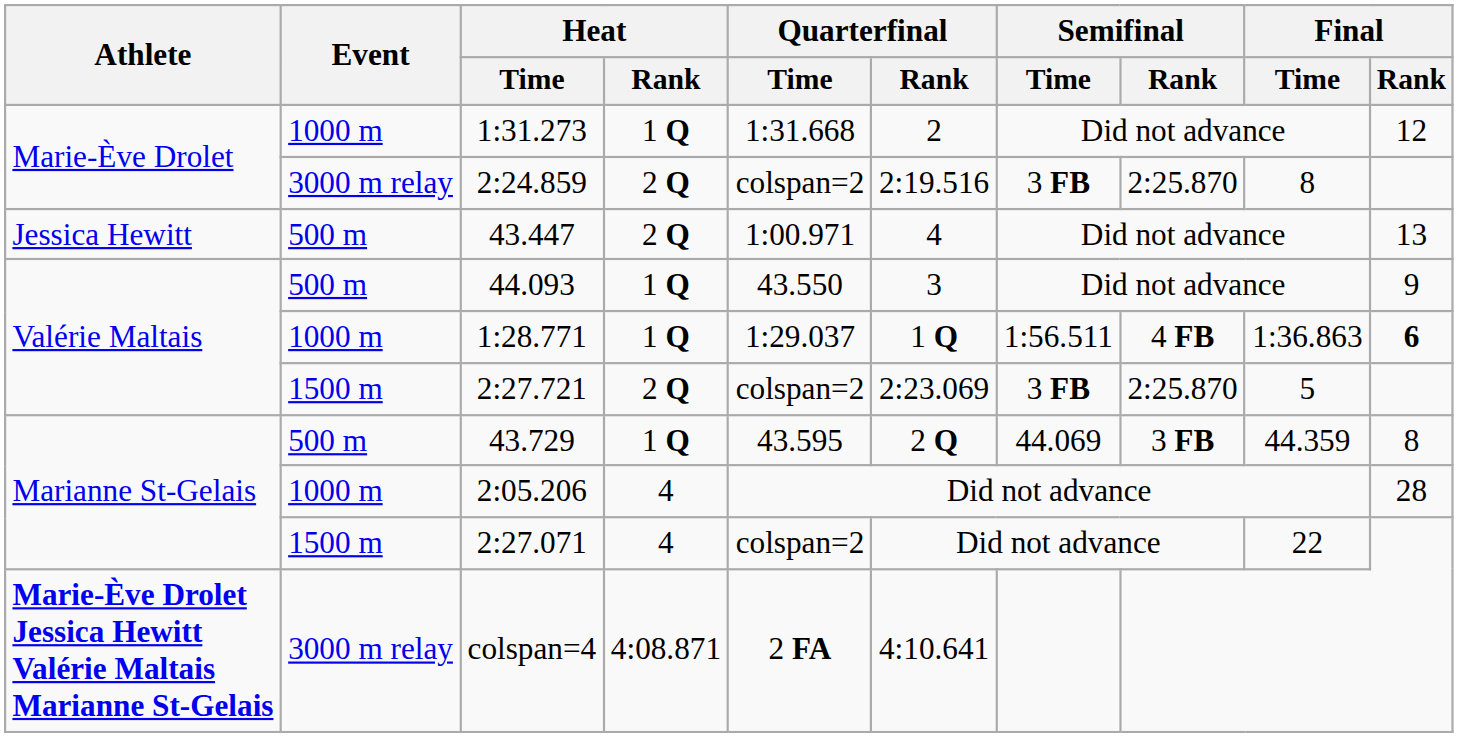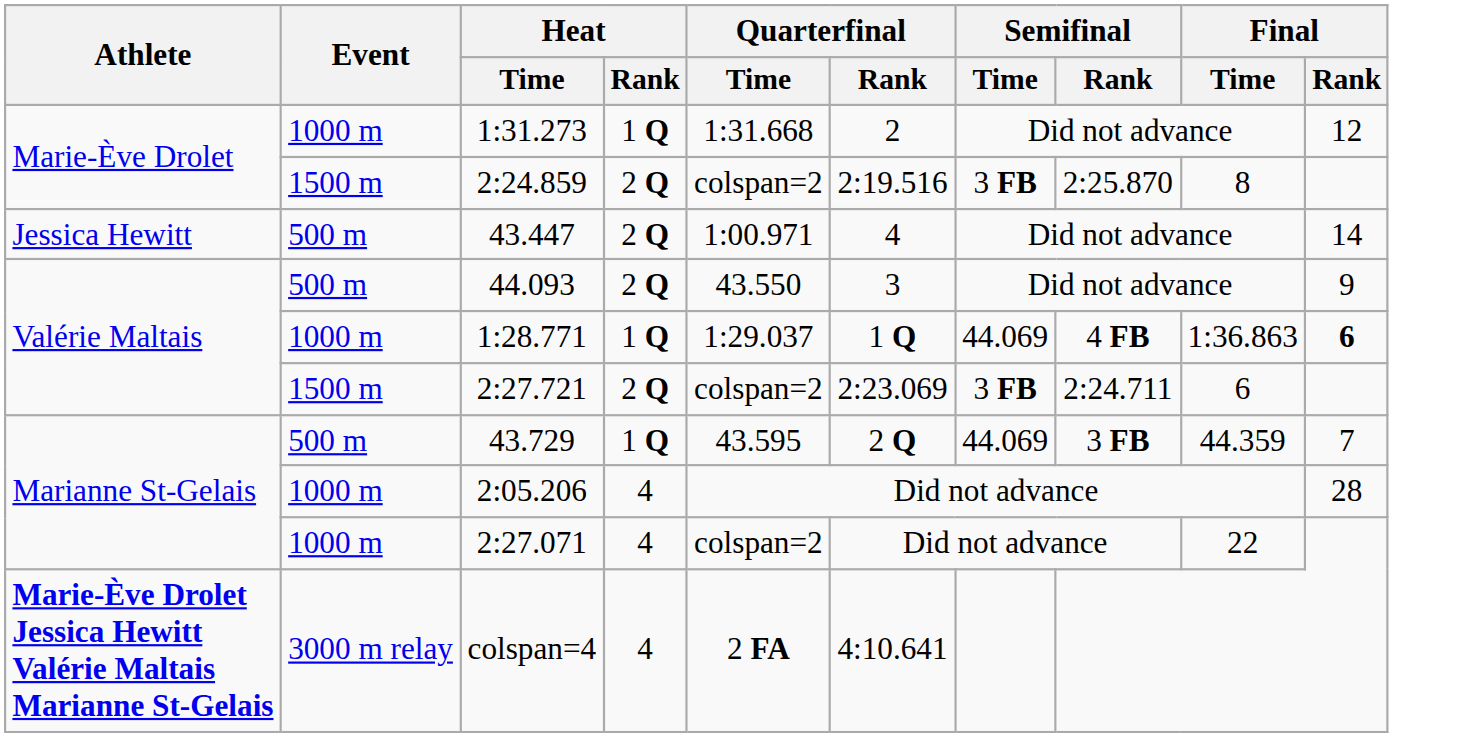 <table class="wikitable" style="font-size:90%">
 <tr>
 <th rowspan=2>Athlete</th>
 <th rowspan=2>Event</th>
 <th colspan=2>Heat</th>
 <th colspan=2>Quarterfinal</th>
 <th colspan=2>Semifinal</th>
 <th colspan=2>Final</th>
 </tr>
 <tr style="font-size:95%">
 <th>Time</th>
 <th>Rank</th>
 <th>Time</th>
 <th>Rank</th>
 <th>Time</th>
 <th>Rank</th>
 <th>Time</th>
 <th>Rank</th>
 </tr>
 <tr align=center>
 <td align=left rowspan=2><a href='#'>Marie-Ève Drolet</a></td>
 <td align=left><a href='#'>1000 m</a></td>
 <td>1:31.273</td>
 <td>1 <strong>Q</strong></td>
 <td>1:31.668</td>
 <td>2</td>
 <td colspan=3>Did not advance</td>
 <td>12</td>
 </tr>
 <tr align=center>
-<td align=left><a href='#'>3000 m relay</a></td>
+<td align=left><a href='#'>1500 m</a></td>
 <td>2:24.859</td>
 <td>2 <strong>Q</strong></td>
 <td>colspan=2 </td>
 <td>2:19.516</td>
 <td>3 <strong>FB</strong></td>
 <td>2:25.870</td>
 <td>8</td>
 </tr>
 <tr align=center>
 <td align=left><a href='#'>Jessica Hewitt</a></td>
 <td align=left><a href='#'>500 m</a></td>
 <td>43.447</td>
 <td>2 <strong>Q</strong></td>
 <td>1:00.971</td>
 <td>4</td>
 <td colspan=3>Did not advance</td>
-<td>13</td>
+<td>14</td>
 </tr>
 <tr align=center>
 <td align=left rowspan=3><a href='#'>Valérie Maltais</a></td>
 <td align=left><a href='#'>500 m</a></td>
 <td>44.093</td>
-<td>1 <strong>Q</strong></td>
+<td>2 <strong>Q</strong></td>
 <td>43.550</td>
 <td>3</td>
 <td colspan=3>Did not advance</td>
 <td>9</td>
 </tr>
 <tr align=center>
 <td align=left><a href='#'>1000 m</a></td>
 <td>1:28.771 </td>
 <td>1 <strong>Q</strong></td>
 <td>1:29.037</td>
 <td>1 <strong>Q</strong></td>
-<td>1:56.511</td>
+<td>44.069</td>
 <td>4 <strong>FB</strong></td>
 <td>1:36.863</td>
 <td><strong>6</strong></td>
 </tr>
 <tr align=center>
 <td align=left><a href='#'>1500 m</a></td>
 <td>2:27.721</td>
 <td>2 <strong>Q</strong></td>
 <td>colspan=2 </td>
 <td>2:23.069</td>
 <td>3 <strong>FB</strong></td>
-<td>2:25.870</td>
-<td>5</td>
+<td>2:24.711</td>
+<td>6</td>
 </tr>
 <tr align=center>
 <td align=left rowspan=3><a href='#'>Marianne St-Gelais</a></td>
 <td align=left><a href='#'>500 m</a></td>
 <td>43.729</td>
 <td>1 <strong>Q</strong></td>
 <td>43.595</td>
 <td>2 <strong>Q</strong></td>
 <td>44.069</td>
 <td>3 <strong>FB</strong></td>
 <td>44.359</td>
-<td>8</td>
+<td>7</td>
 </tr>
 <tr align=center>
 <td align=left><a href='#'>1000 m</a></td>
 <td>2:05.206</td>
 <td>4</td>
 <td colspan=5>Did not advance</td>
 <td>28</td>
 </tr>
 <tr align=center>
-<td align=left><a href='#'>1500 m</a></td>
+<td align=left><a href='#'>1000 m</a></td>
 <td>2:27.071</td>
 <td>4</td>
 <td>colspan=2 </td>
 <td colspan=3>Did not advance</td>
 <td>22</td>
 </tr>
 <tr align=center>
 <td align=left><strong><a href='#'>Marie-Ève Drolet</a><br> <a href='#'>Jessica Hewitt</a><br><a href='#'>Valérie Maltais</a><br><a href='#'>Marianne St-Gelais</a></strong></td>
 <td align=left><a href='#'>3000 m relay</a></td>
 <td>colspan=4 </td>
-<td>4:08.871</td>
+<td>4</td>
 <td>2 <strong>FA</strong></td>
 <td>4:10.641</td>
 <td></td>
 </tr>
 </table>
